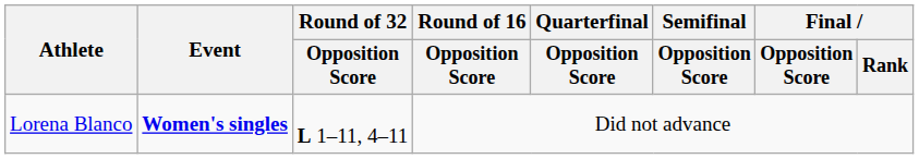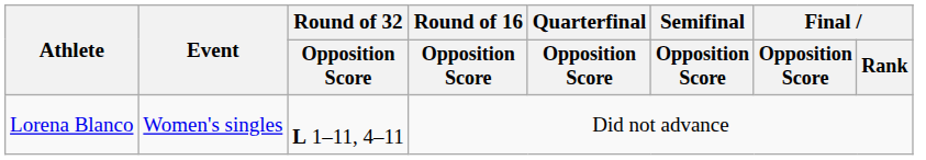 <table class=wikitable style="font-size:90%">
 <tr>
 <th rowspan="2">Athlete</th>
 <th rowspan="2">Event</th>
 <th>Round of 32</th>
 <th>Round of 16</th>
 <th>Quarterfinal</th>
 <th>Semifinal</th>
 <th colspan=2>Final / </th>
 </tr>
 <tr style="font-size:95%">
 <th>Opposition<br>Score</th>
 <th>Opposition<br>Score</th>
 <th>Opposition<br>Score</th>
 <th>Opposition<br>Score</th>
 <th>Opposition<br>Score</th>
 <th>Rank</th>
 </tr>
 <tr align=center>
 <td align=left><a href='#'>Lorena Blanco</a></td>
-<td align=left><strong><a href='#'>Women's singles</a></strong></td>
+<td align=left><a href='#'>Women's singles</a></td>
 <td><br><strong>L</strong> 1–11, 4–11</td>
 <td colspan=5>Did not advance</td>
 </tr>
 </table>
